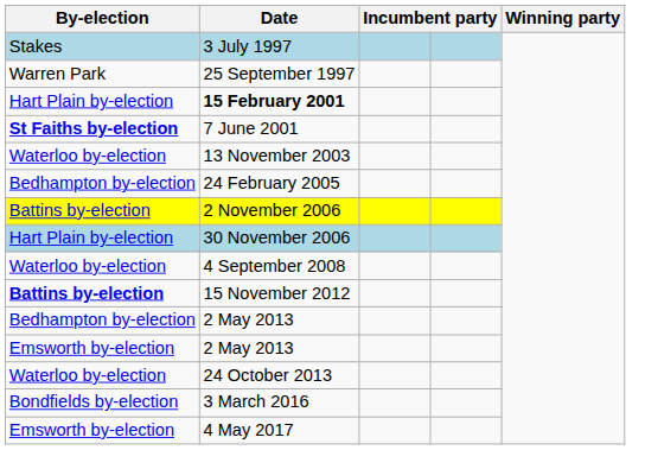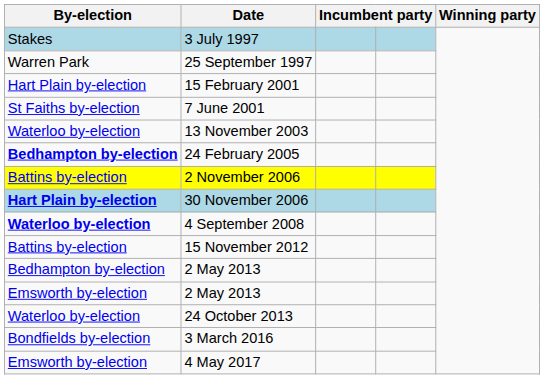 <table class="wikitable">
 <tr>
 <th>By-election</th>
 <th>Date</th>
 <th colspan=2>Incumbent party</th>
 <th colspan=2>Winning party</th>
 </tr>
 <tr bgcolor=lightblue>
 <td>Stakes</td>
 <td>3 July 1997</td>
 <td></td>
 <td></td>
 </tr>
 <tr bgcolor=>
 <td>Warren Park</td>
 <td>25 September 1997</td>
 <td></td>
 <td></td>
 </tr>
 <tr bgcolor=>
 <td><a href='#'>Hart Plain by-election</a></td>
-<td><strong>15 February 2001</strong></td>
+<td>15 February 2001</td>
 <td></td>
 <td></td>
 </tr>
 <tr bgcolor=>
-<td><strong><a href='#'>St Faiths by-election</a></strong></td>
+<td><a href='#'>St Faiths by-election</a></td>
 <td>7 June 2001</td>
 <td></td>
 <td></td>
 </tr>
 <tr bgcolor=>
 <td><a href='#'>Waterloo by-election</a></td>
 <td>13 November 2003</td>
 <td></td>
 <td></td>
 </tr>
 <tr bgcolor=>
-<td><a href='#'>Bedhampton by-election</a></td>
+<td><strong><a href='#'>Bedhampton by-election</a></strong></td>
 <td>24 February 2005</td>
 <td></td>
 <td></td>
 </tr>
 <tr bgcolor=yellow>
 <td><a href='#'>Battins by-election</a></td>
 <td>2 November 2006</td>
 <td></td>
 <td></td>
 </tr>
 <tr bgcolor=lightblue>
-<td><a href='#'>Hart Plain by-election</a></td>
+<td><strong><a href='#'>Hart Plain by-election</a></strong></td>
 <td>30 November 2006</td>
 <td></td>
 <td></td>
 </tr>
 <tr bgcolor=>
-<td><a href='#'>Waterloo by-election</a></td>
+<td><strong><a href='#'>Waterloo by-election</a></strong></td>
 <td>4 September 2008</td>
 <td></td>
 <td></td>
 </tr>
 <tr bgcolor=>
-<td><strong><a href='#'>Battins by-election</a></strong></td>
+<td><a href='#'>Battins by-election</a></td>
 <td>15 November 2012</td>
 <td></td>
 <td></td>
 </tr>
 <tr bgcolor=>
 <td><a href='#'>Bedhampton by-election</a></td>
 <td>2 May 2013</td>
 <td></td>
 <td></td>
 </tr>
 <tr bgcolor=>
 <td><a href='#'>Emsworth by-election</a></td>
 <td>2 May 2013</td>
 <td></td>
 <td></td>
 </tr>
 <tr bgcolor=>
 <td><a href='#'>Waterloo by-election</a></td>
 <td>24 October 2013</td>
 <td></td>
 <td></td>
 </tr>
 <tr bgcolor=>
 <td><a href='#'>Bondfields by-election</a></td>
 <td>3 March 2016</td>
 <td></td>
 <td></td>
 </tr>
 <tr bgcolor=>
 <td><a href='#'>Emsworth by-election</a></td>
 <td>4 May 2017</td>
 <td></td>
 <td></td>
 </tr>
 </table>
